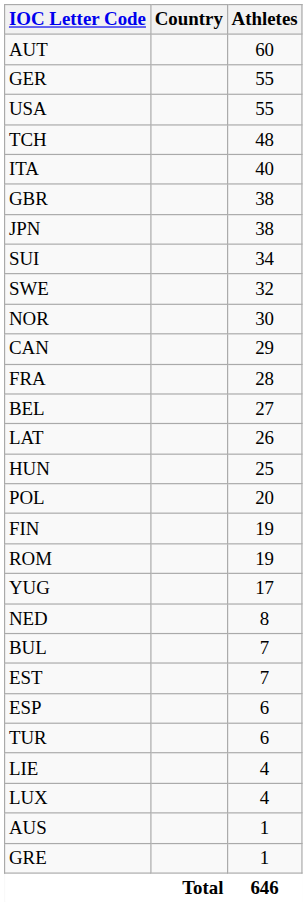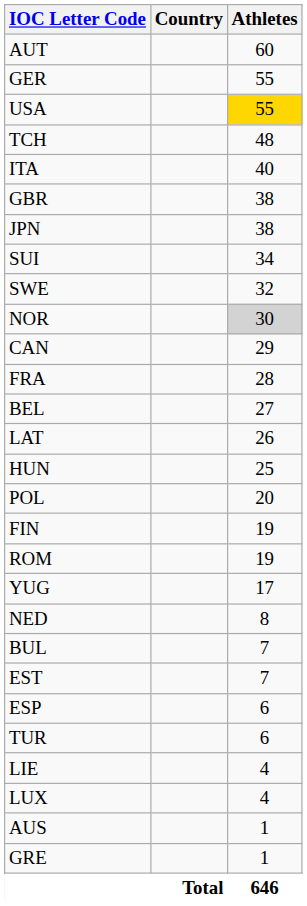 <table class="wikitable collapsible collapsed sortable" style="border:0;">
 <tr>
 <th><a href='#'>IOC Letter Code</a></th>
 <th>Country</th>
 <th>Athletes</th>
 </tr>
 <tr>
 <td>AUT</td>
 <td></td>
 <td align=center>60</td>
 </tr>
 <tr>
 <td>GER</td>
 <td></td>
 <td align=center>55</td>
 </tr>
 <tr>
 <td>USA</td>
 <td></td>
-<td align=center>55</td>
+<td align=center style="background: gold;">55</td>
 </tr>
 <tr>
 <td>TCH</td>
 <td></td>
 <td align=center>48</td>
 </tr>
 <tr>
 <td>ITA</td>
 <td></td>
 <td align=center>40</td>
 </tr>
 <tr>
 <td>GBR</td>
 <td></td>
 <td align=center>38</td>
 </tr>
 <tr>
 <td>JPN</td>
 <td></td>
 <td align=center>38</td>
 </tr>
 <tr>
 <td>SUI</td>
 <td></td>
 <td align=center>34</td>
 </tr>
 <tr>
 <td>SWE</td>
 <td></td>
 <td align=center>32</td>
 </tr>
 <tr>
 <td>NOR</td>
 <td></td>
-<td align=center>30</td>
+<td align=center style="background: lightgrey;">30</td>
 </tr>
 <tr>
 <td>CAN</td>
 <td></td>
 <td align=center>29</td>
 </tr>
 <tr>
 <td>FRA</td>
 <td></td>
 <td align=center>28</td>
 </tr>
 <tr>
 <td>BEL</td>
 <td></td>
 <td align=center>27</td>
 </tr>
 <tr>
 <td>LAT</td>
 <td></td>
 <td align=center>26</td>
 </tr>
 <tr>
 <td>HUN</td>
 <td></td>
 <td align=center>25</td>
 </tr>
 <tr>
 <td>POL</td>
 <td></td>
 <td align=center>20</td>
 </tr>
 <tr>
 <td>FIN</td>
 <td></td>
 <td align=center>19</td>
 </tr>
 <tr>
 <td>ROM</td>
 <td></td>
 <td align=center>19</td>
 </tr>
 <tr>
 <td>YUG</td>
 <td></td>
 <td align=center>17</td>
 </tr>
 <tr>
 <td>NED</td>
 <td></td>
 <td align=center>8</td>
 </tr>
 <tr>
 <td>BUL</td>
 <td></td>
 <td align=center>7</td>
 </tr>
 <tr>
 <td>EST</td>
 <td></td>
 <td align=center>7</td>
 </tr>
 <tr>
 <td>ESP</td>
 <td></td>
 <td align=center>6</td>
 </tr>
 <tr>
 <td>TUR</td>
 <td></td>
 <td align=center>6</td>
 </tr>
 <tr>
 <td>LIE</td>
 <td></td>
 <td align=center>4</td>
 </tr>
 <tr>
 <td>LUX</td>
 <td></td>
 <td align=center>4</td>
 </tr>
 <tr>
 <td>AUS</td>
 <td></td>
 <td align=center>1</td>
 </tr>
 <tr>
 <td>GRE</td>
 <td></td>
 <td align=center>1</td>
 </tr>
 <tr class="sortbottom">
 <td colspan=2; style="text-align:right; border:0px; background:#fff;"><strong>Total</strong></td>
 <td style="text-align:center; border:0px; background:#fff;"><strong>646</strong></td>
 </tr>
 <tr>
 </tr>
 </table>
